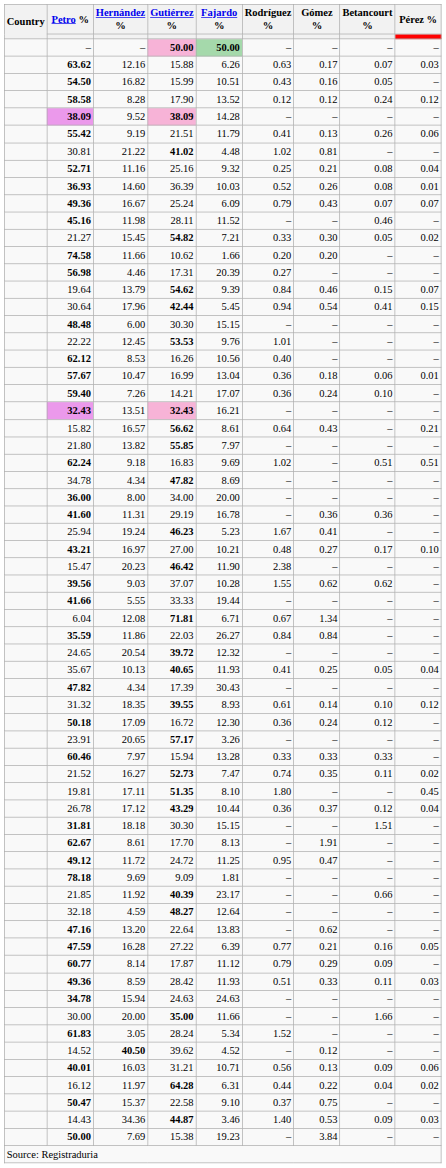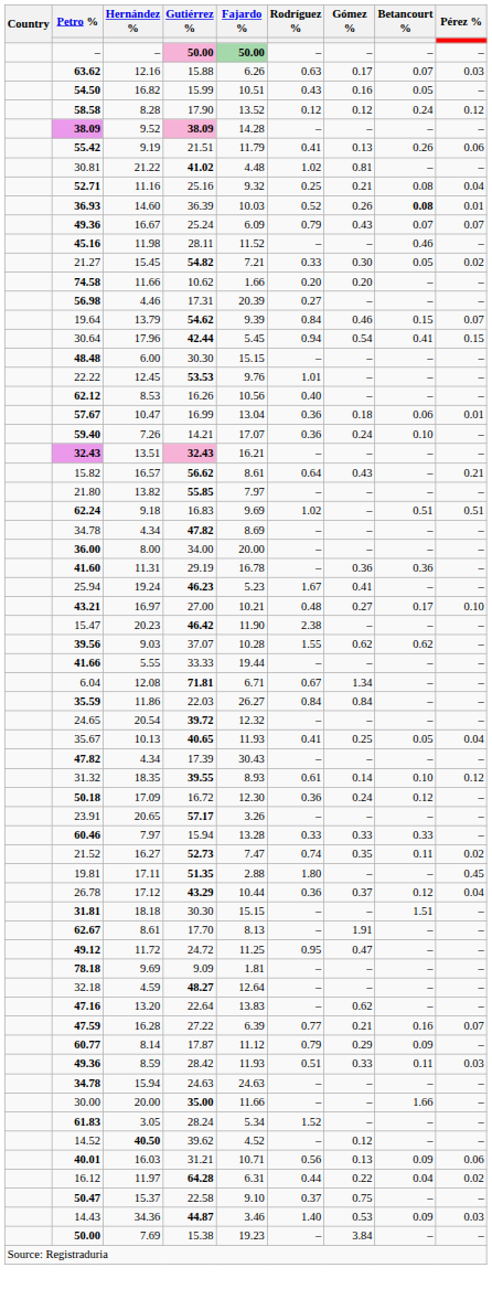 <table class="wikitable sortable" style="text-align:right; font-size:95%">
 <tr>
 <th rowspan=2>Country</th>
 <th width=60px><a href='#'>Petro</a> %</th>
 <th width=60px><a href='#'>Hernández</a> %</th>
 <th width=60px><a href='#'>Gutiérrez</a> %</th>
 <th width=60px><a href='#'>Fajardo</a> %</th>
 <th width=60px>Rodríguez %</th>
 <th width=60px>Gómez %</th>
 <th width=60px>Betancourt %</th>
 <th width=60px>Pérez %</th>
 </tr>
 <tr>
 <th style="background:"></th>
 <th style="background:"></th>
 <th style="background:"></th>
 <th style="background:"></th>
 <th style="background:"></th>
 <th style="background:"></th>
 <th style="background:"></th>
 <th style="background:#f00;"></th>
 </tr>
 <tr>
 <td style="text-align:left;"></td>
 <td>–</td>
 <td>–</td>
 <td style="background:#f7b3d7;"><strong>50.00</strong></td>
 <td style="background:#a5d9ab;"><strong>50.00</strong></td>
 <td>–</td>
 <td>–</td>
 <td>–</td>
 <td>–</td>
 </tr>
 <tr>
 <td style="text-align:left;"></td>
 <td style="background:"><strong>63.62</strong></td>
 <td>12.16</td>
 <td>15.88</td>
 <td>6.26</td>
 <td>0.63</td>
 <td>0.17</td>
 <td>0.07</td>
 <td>0.03</td>
 </tr>
 <tr>
 <td style="text-align:left;"></td>
 <td style="background:"><strong>54.50</strong></td>
 <td>16.82</td>
 <td>15.99</td>
 <td>10.51</td>
 <td>0.43</td>
 <td>0.16</td>
 <td>0.05</td>
 <td>–</td>
 </tr>
 <tr>
 <td style="text-align:left;"></td>
 <td style="background:"><strong>58.58</strong></td>
 <td>8.28</td>
 <td>17.90</td>
 <td>13.52</td>
 <td>0.12</td>
 <td>0.12</td>
 <td>0.24</td>
 <td>0.12</td>
 </tr>
 <tr>
 <td style="text-align:left;"></td>
 <td style="background:#eb99eb;"><strong>38.09</strong></td>
 <td>9.52</td>
 <td style="background:#f7b3d7;"><strong>38.09</strong></td>
 <td>14.28</td>
 <td>–</td>
 <td>–</td>
 <td>–</td>
 <td>–</td>
 </tr>
 <tr>
 <td style="text-align:left;"></td>
 <td style="background:"><strong>55.42</strong></td>
 <td>9.19</td>
 <td>21.51</td>
 <td>11.79</td>
 <td>0.41</td>
 <td>0.13</td>
 <td>0.26</td>
 <td>0.06</td>
 </tr>
 <tr>
 <td style="text-align:left;"></td>
 <td>30.81</td>
 <td>21.22</td>
 <td style="background:"><strong>41.02</strong></td>
 <td>4.48</td>
 <td>1.02</td>
 <td>0.81</td>
 <td>–</td>
 <td>–</td>
 </tr>
 <tr>
 <td style="text-align:left;"></td>
 <td style="background:"><strong>52.71</strong></td>
 <td>11.16</td>
 <td>25.16</td>
 <td>9.32</td>
 <td>0.25</td>
 <td>0.21</td>
 <td>0.08</td>
 <td>0.04</td>
 </tr>
 <tr>
 <td style="text-align:left;"></td>
 <td style="background:"><strong>36.93</strong></td>
 <td>14.60</td>
 <td>36.39</td>
 <td>10.03</td>
 <td>0.52</td>
 <td>0.26</td>
-<td>0.08</td>
+<td><strong>0.08</strong></td>
 <td>0.01</td>
 </tr>
 <tr>
 <td style="text-align:left;"></td>
 <td style="background:"><strong>49.36</strong></td>
 <td>16.67</td>
 <td>25.24</td>
 <td>6.09</td>
 <td>0.79</td>
 <td>0.43</td>
 <td>0.07</td>
 <td>0.07</td>
 </tr>
 <tr>
 <td style="text-align:left;"></td>
 <td style="background:"><strong>45.16</strong></td>
 <td>11.98</td>
 <td>28.11</td>
 <td>11.52</td>
 <td>–</td>
 <td>–</td>
 <td>0.46</td>
 <td>–</td>
 </tr>
 <tr>
 <td style="text-align:left;"></td>
 <td>21.27</td>
 <td>15.45</td>
 <td style="background:"><strong>54.82</strong></td>
 <td>7.21</td>
 <td>0.33</td>
 <td>0.30</td>
 <td>0.05</td>
 <td>0.02</td>
 </tr>
 <tr>
 <td style="text-align:left;"></td>
 <td style="background:"><strong>74.58</strong></td>
 <td>11.66</td>
 <td>10.62</td>
 <td>1.66</td>
 <td>0.20</td>
 <td>0.20</td>
 <td>–</td>
 <td>–</td>
 </tr>
 <tr>
 <td style="text-align:left;"></td>
 <td style="background:"><strong>56.98</strong></td>
 <td>4.46</td>
 <td>17.31</td>
 <td>20.39</td>
 <td>0.27</td>
 <td>–</td>
 <td>–</td>
 <td>–</td>
 </tr>
 <tr>
 <td style="text-align:left;"></td>
 <td>19.64</td>
 <td>13.79</td>
 <td style="background:"><strong>54.62</strong></td>
 <td>9.39</td>
 <td>0.84</td>
 <td>0.46</td>
 <td>0.15</td>
 <td>0.07</td>
 </tr>
 <tr>
 <td style="text-align:left;"></td>
 <td>30.64</td>
 <td>17.96</td>
 <td style="background:"><strong>42.44</strong></td>
 <td>5.45</td>
 <td>0.94</td>
 <td>0.54</td>
 <td>0.41</td>
 <td>0.15</td>
 </tr>
 <tr>
 <td style="text-align:left;"></td>
 <td style="background:"><strong>48.48</strong></td>
 <td>6.00</td>
 <td>30.30</td>
 <td>15.15</td>
 <td>–</td>
 <td>–</td>
 <td>–</td>
 <td>–</td>
 </tr>
 <tr>
 <td style="text-align:left;"></td>
 <td>22.22</td>
 <td>12.45</td>
 <td style="background:"><strong>53.53</strong></td>
 <td>9.76</td>
 <td>1.01</td>
 <td>–</td>
 <td>–</td>
 <td>–</td>
 </tr>
 <tr>
 <td align="left"></td>
 <td style="background:"><strong>62.12</strong></td>
 <td>8.53</td>
 <td>16.26</td>
 <td>10.56</td>
 <td>0.40</td>
 <td>–</td>
 <td>–</td>
 <td>–</td>
 </tr>
 <tr>
 <td align="left"></td>
 <td style="background:"><strong>57.67</strong></td>
 <td>10.47</td>
 <td>16.99</td>
 <td>13.04</td>
 <td>0.36</td>
 <td>0.18</td>
 <td>0.06</td>
 <td>0.01</td>
 </tr>
 <tr>
 <td style="text-align:left;"></td>
 <td style="background:"><strong>59.40</strong></td>
 <td>7.26</td>
 <td>14.21</td>
 <td>17.07</td>
 <td>0.36</td>
 <td>0.24</td>
 <td>0.10</td>
 <td>–</td>
 </tr>
 <tr>
 <td style="text-align:left;"></td>
 <td style="background:#eb99eb;"><strong>32.43</strong></td>
 <td>13.51</td>
 <td style="background:#f7b3d7;"><strong>32.43</strong></td>
 <td>16.21</td>
 <td>–</td>
 <td>–</td>
 <td>–</td>
 <td>–</td>
 </tr>
 <tr>
 <td style="text-align:left;"></td>
 <td>15.82</td>
 <td>16.57</td>
 <td style="background:"><strong>56.62</strong></td>
 <td>8.61</td>
 <td>0.64</td>
 <td>0.43</td>
 <td>–</td>
 <td>0.21</td>
 </tr>
 <tr>
 <td style="text-align:left;"></td>
 <td>21.80</td>
 <td>13.82</td>
 <td style="background:"><strong>55.85</strong></td>
 <td>7.97</td>
 <td>–</td>
 <td>–</td>
 <td>–</td>
 <td>–</td>
 </tr>
 <tr>
 <td style="text-align:left;"></td>
 <td style="background:"><strong>62.24</strong></td>
 <td>9.18</td>
 <td>16.83</td>
 <td>9.69</td>
 <td>1.02</td>
 <td>–</td>
 <td>0.51</td>
 <td>0.51</td>
 </tr>
 <tr>
 <td style="text-align:left;"></td>
 <td>34.78</td>
 <td>4.34</td>
 <td style="background:"><strong>47.82</strong></td>
 <td>8.69</td>
 <td>–</td>
 <td>–</td>
 <td>–</td>
 <td>–</td>
 </tr>
 <tr>
 <td style="text-align:left;"></td>
 <td style="background:"><strong>36.00</strong></td>
 <td>8.00</td>
 <td>34.00</td>
 <td>20.00</td>
 <td>–</td>
 <td>–</td>
 <td>–</td>
 <td>–</td>
 </tr>
 <tr>
 <td style="text-align:left;"></td>
 <td style="background:"><strong>41.60</strong></td>
 <td>11.31</td>
 <td>29.19</td>
 <td>16.78</td>
 <td>–</td>
 <td>0.36</td>
 <td>0.36</td>
 <td>–</td>
 </tr>
 <tr>
 <td style="text-align:left;"></td>
 <td>25.94</td>
 <td>19.24</td>
 <td style="background:"><strong>46.23</strong></td>
 <td>5.23</td>
 <td>1.67</td>
 <td>0.41</td>
 <td>–</td>
 <td>–</td>
 </tr>
 <tr>
 <td style="text-align:left;"></td>
 <td style="background:"><strong>43.21</strong></td>
 <td>16.97</td>
 <td>27.00</td>
 <td>10.21</td>
 <td>0.48</td>
 <td>0.27</td>
 <td>0.17</td>
 <td>0.10</td>
 </tr>
 <tr>
 <td style="text-align:left;"></td>
 <td>15.47</td>
 <td>20.23</td>
 <td style="background:"><strong>46.42</strong></td>
 <td>11.90</td>
 <td>2.38</td>
 <td>–</td>
 <td>–</td>
 <td>–</td>
 </tr>
 <tr>
 <td style="text-align:left;"></td>
 <td style="background:"><strong>39.56</strong></td>
 <td>9.03</td>
 <td>37.07</td>
 <td>10.28</td>
 <td>1.55</td>
 <td>0.62</td>
 <td>0.62</td>
 <td>–</td>
 </tr>
 <tr>
 <td style="text-align:left;"></td>
 <td style="background:"><strong>41.66</strong></td>
 <td>5.55</td>
 <td>33.33</td>
 <td>19.44</td>
 <td>–</td>
 <td>–</td>
 <td>–</td>
 <td>–</td>
 </tr>
 <tr>
 <td style="text-align:left;"></td>
 <td>6.04</td>
 <td>12.08</td>
 <td style="background:"><strong>71.81</strong></td>
 <td>6.71</td>
 <td>0.67</td>
 <td>1.34</td>
 <td>–</td>
 <td>–</td>
 </tr>
 <tr>
 <td style="text-align:left;"></td>
 <td style="background:"><strong>35.59</strong></td>
 <td>11.86</td>
 <td>22.03</td>
 <td>26.27</td>
 <td>0.84</td>
 <td>0.84</td>
 <td>–</td>
 <td>–</td>
 </tr>
 <tr>
 <td style="text-align:left;"></td>
 <td>24.65</td>
 <td>20.54</td>
 <td style="background:"><strong>39.72</strong></td>
 <td>12.32</td>
 <td>–</td>
 <td>–</td>
 <td>–</td>
 <td>–</td>
 </tr>
 <tr>
 <td style="text-align:left;"></td>
 <td>35.67</td>
 <td>10.13</td>
 <td style="background:"><strong>40.65</strong></td>
 <td>11.93</td>
 <td>0.41</td>
 <td>0.25</td>
 <td>0.05</td>
 <td>0.04</td>
 </tr>
 <tr>
 <td style="text-align:left;"></td>
 <td style="background:"><strong>47.82</strong></td>
 <td>4.34</td>
 <td>17.39</td>
 <td>30.43</td>
 <td>–</td>
 <td>–</td>
 <td>–</td>
 <td>–</td>
 </tr>
 <tr>
 <td style="text-align:left;"></td>
 <td>31.32</td>
 <td>18.35</td>
 <td style="background:"><strong>39.55</strong></td>
 <td>8.93</td>
 <td>0.61</td>
 <td>0.14</td>
 <td>0.10</td>
 <td>0.12</td>
 </tr>
 <tr>
 <td style="text-align:left;"></td>
 <td style="background:"><strong>50.18</strong></td>
 <td>17.09</td>
 <td>16.72</td>
 <td>12.30</td>
 <td>0.36</td>
 <td>0.24</td>
 <td>0.12</td>
 <td>–</td>
 </tr>
 <tr>
 <td style="text-align:left;"></td>
 <td>23.91</td>
 <td>20.65</td>
 <td style="background:"><strong>57.17</strong></td>
 <td>3.26</td>
 <td>–</td>
 <td>–</td>
 <td>–</td>
 <td>–</td>
 </tr>
 <tr>
 <td style="text-align:left;"></td>
 <td style="background:"><strong>60.46</strong></td>
 <td>7.97</td>
 <td>15.94</td>
 <td>13.28</td>
 <td>0.33</td>
 <td>0.33</td>
 <td>0.33</td>
 <td>–</td>
 </tr>
 <tr>
 <td style="text-align:left;"></td>
 <td>21.52</td>
 <td>16.27</td>
 <td style="background:"><strong>52.73</strong></td>
 <td>7.47</td>
 <td>0.74</td>
 <td>0.35</td>
 <td>0.11</td>
 <td>0.02</td>
 </tr>
 <tr>
 <td style="text-align:left;"></td>
 <td>19.81</td>
 <td>17.11</td>
 <td style="background:"><strong>51.35</strong></td>
-<td>8.10</td>
+<td>2.88</td>
 <td>1.80</td>
 <td>–</td>
 <td>–</td>
 <td>0.45</td>
 </tr>
 <tr>
 <td style="text-align:left;"></td>
 <td>26.78</td>
 <td>17.12</td>
 <td style="background:"><strong>43.29</strong></td>
 <td>10.44</td>
 <td>0.36</td>
 <td>0.37</td>
 <td>0.12</td>
 <td>0.04</td>
 </tr>
 <tr>
 <td style="text-align:left;"></td>
 <td style="background:"><strong>31.81</strong></td>
 <td>18.18</td>
 <td>30.30</td>
 <td>15.15</td>
 <td>–</td>
 <td>–</td>
 <td>1.51</td>
 <td>–</td>
 </tr>
 <tr>
 <td style="text-align:left;"></td>
 <td style="background:"><strong>62.67</strong></td>
 <td>8.61</td>
 <td>17.70</td>
 <td>8.13</td>
 <td>–</td>
 <td>1.91</td>
 <td>–</td>
 <td>–</td>
 </tr>
 <tr>
 <td style="text-align:left;"></td>
 <td style="background:"><strong>49.12</strong></td>
 <td>11.72</td>
 <td>24.72</td>
 <td>11.25</td>
 <td>0.95</td>
 <td>0.47</td>
 <td>–</td>
 <td>–</td>
 </tr>
 <tr>
 <td style="text-align:left;"></td>
 <td style="background:"><strong>78.18</strong></td>
 <td>9.69</td>
 <td>9.09</td>
 <td>1.81</td>
 <td>–</td>
 <td>–</td>
 <td>–</td>
 <td>–</td>
 </tr>
 <tr>
 <td style="text-align:left;"></td>
-<td>21.85</td>
-<td>11.92</td>
-<td style="background:"><strong>40.39</strong></td>
-<td>23.17</td>
-<td>–</td>
-<td>–</td>
-<td>0.66</td>
-<td>–</td>
-</tr>
-<tr>
-<td style="text-align:left;"></td>
 <td>32.18</td>
 <td>4.59</td>
 <td style="background:"><strong>48.27</strong></td>
 <td>12.64</td>
 <td>–</td>
 <td>–</td>
 <td>–</td>
 <td>–</td>
 </tr>
 <tr>
 <td style="text-align:left;"></td>
 <td style="background:"><strong>47.16</strong></td>
 <td>13.20</td>
 <td>22.64</td>
 <td>13.83</td>
 <td>–</td>
 <td>0.62</td>
 <td>–</td>
 <td>–</td>
 </tr>
 <tr>
 <td style="text-align:left;"></td>
 <td style="background:"><strong>47.59</strong></td>
 <td>16.28</td>
 <td>27.22</td>
 <td>6.39</td>
 <td>0.77</td>
 <td>0.21</td>
 <td>0.16</td>
-<td>0.05</td>
+<td>0.07</td>
 </tr>
 <tr>
 <td style="text-align:left;"></td>
 <td style="background:"><strong>60.77</strong></td>
 <td>8.14</td>
 <td>17.87</td>
 <td>11.12</td>
 <td>0.79</td>
 <td>0.29</td>
 <td>0.09</td>
 <td>–</td>
 </tr>
 <tr>
 <td style="text-align:left;"></td>
 <td style="background:"><strong>49.36</strong></td>
 <td>8.59</td>
 <td>28.42</td>
 <td>11.93</td>
 <td>0.51</td>
 <td>0.33</td>
 <td>0.11</td>
 <td>0.03</td>
 </tr>
 <tr>
 <td style="text-align:left;"></td>
 <td style="background:"><strong>34.78</strong></td>
 <td>15.94</td>
 <td>24.63</td>
 <td>24.63</td>
 <td>–</td>
 <td>–</td>
 <td>–</td>
 <td>–</td>
 </tr>
 <tr>
 <td style="text-align:left;"></td>
 <td>30.00</td>
 <td>20.00</td>
 <td style="background:"><strong>35.00</strong></td>
 <td>11.66</td>
 <td>–</td>
 <td>–</td>
 <td>1.66</td>
 <td>–</td>
 </tr>
 <tr>
 <td style="text-align:left;"></td>
 <td style="background:"><strong>61.83</strong></td>
 <td>3.05</td>
 <td>28.24</td>
 <td>5.34</td>
 <td>1.52</td>
 <td>–</td>
 <td>–</td>
 <td>–</td>
 </tr>
 <tr>
 <td style="text-align:left;"></td>
 <td>14.52</td>
 <td style="background:"><strong>40.50</strong></td>
 <td>39.62</td>
 <td>4.52</td>
 <td>–</td>
 <td>0.12</td>
 <td>–</td>
 <td>–</td>
 </tr>
 <tr>
 <td style="text-align:left;"></td>
 <td style="background:"><strong>40.01</strong></td>
 <td>16.03</td>
 <td>31.21</td>
 <td>10.71</td>
 <td>0.56</td>
 <td>0.13</td>
 <td>0.09</td>
 <td>0.06</td>
 </tr>
 <tr>
 <td align="left"></td>
 <td>16.12</td>
 <td>11.97</td>
 <td style="background:"><strong>64.28</strong></td>
 <td>6.31</td>
 <td>0.44</td>
 <td>0.22</td>
 <td>0.04</td>
 <td>0.02</td>
 </tr>
 <tr>
 <td style="text-align:left;"></td>
 <td style="background:"><strong>50.47</strong></td>
 <td>15.37</td>
 <td>22.58</td>
 <td>9.10</td>
 <td>0.37</td>
 <td>0.75</td>
 <td>–</td>
 <td>–</td>
 </tr>
 <tr>
 <td style="text-align:left;"></td>
 <td>14.43</td>
 <td>34.36</td>
 <td style="background:"><strong>44.87</strong></td>
 <td>3.46</td>
 <td>1.40</td>
 <td>0.53</td>
 <td>0.09</td>
 <td>0.03</td>
 </tr>
 <tr>
 <td style="text-align:left;"></td>
 <td style="background:"><strong>50.00</strong></td>
 <td>7.69</td>
 <td>15.38</td>
 <td>19.23</td>
 <td>–</td>
 <td>3.84</td>
 <td>–</td>
 <td>–</td>
 </tr>
 <tr>
 <td colspan="9" style="text-align:left;">Source: Registraduria</td>
 </tr>
 </table>
